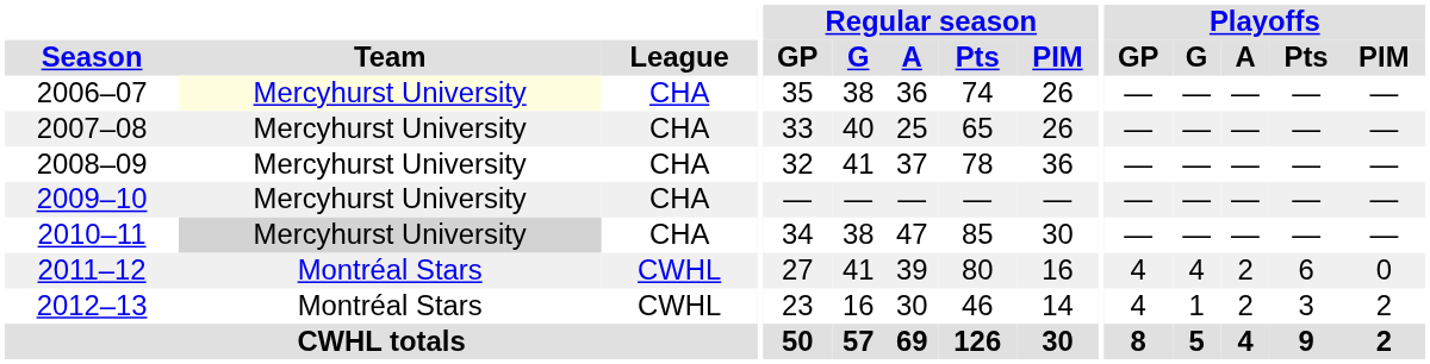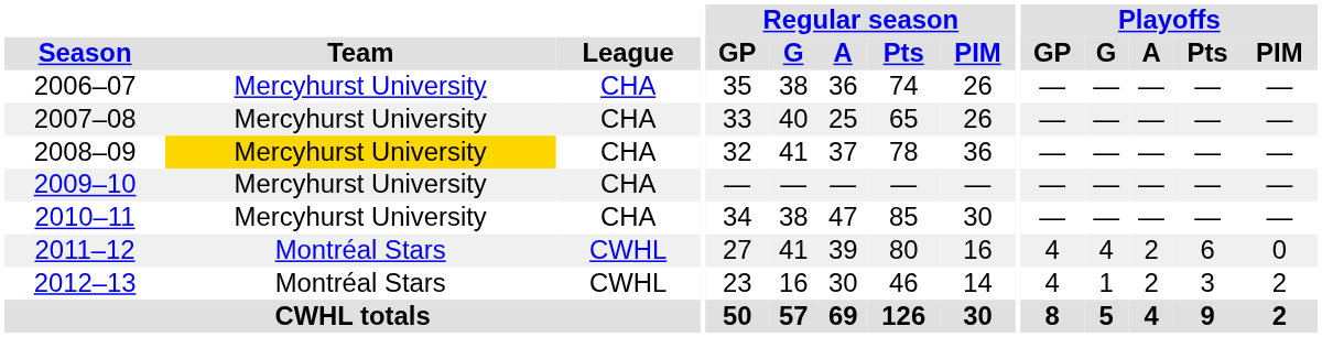 <table border="0" cellpadding="1" cellspacing="0" style="text-align:center; width:50em">
 <tr bgcolor="#e0e0e0">
 <th colspan="3" bgcolor="#ffffff"></th>
 <th rowspan="100" bgcolor="#ffffff"></th>
 <th colspan="5"><a href='#'>Regular season</a></th>
 <th rowspan="100" bgcolor="#ffffff"></th>
 <th colspan="5"><a href='#'>Playoffs</a></th>
 </tr>
 <tr bgcolor="#e0e0e0">
 <th><a href='#'>Season</a></th>
 <th>Team</th>
 <th>League</th>
 <th>GP</th>
 <th><a href='#'>G</a></th>
 <th><a href='#'>A</a></th>
 <th><a href='#'>Pts</a></th>
 <th><a href='#'>PIM</a></th>
 <th>GP</th>
 <th>G</th>
 <th>A</th>
 <th>Pts</th>
 <th>PIM</th>
 </tr>
 <tr>
 <td>2006–07</td>
-<td style="background: lightyellow;"><a href='#'>Mercyhurst University</a></td>
+<td><a href='#'>Mercyhurst University</a></td>
 <td><a href='#'>CHA</a></td>
 <td>35</td>
 <td>38</td>
 <td>36</td>
 <td>74</td>
 <td>26</td>
 <td>—</td>
 <td>—</td>
 <td>—</td>
 <td>—</td>
 <td>—</td>
 </tr>
 <tr style="background:#f0f0f0;">
 <td>2007–08</td>
 <td>Mercyhurst University</td>
 <td>CHA</td>
 <td>33</td>
 <td>40</td>
 <td>25</td>
 <td>65</td>
 <td>26</td>
 <td>—</td>
 <td>—</td>
 <td>—</td>
 <td>—</td>
 <td>—</td>
 </tr>
 <tr>
 <td>2008–09</td>
-<td>Mercyhurst University</td>
+<td style="background: gold;">Mercyhurst University</td>
 <td>CHA</td>
 <td>32</td>
 <td>41</td>
 <td>37</td>
 <td>78</td>
 <td>36</td>
 <td>—</td>
 <td>—</td>
 <td>—</td>
 <td>—</td>
 <td>—</td>
 </tr>
 <tr style="background:#f0f0f0;">
 <td><a href='#'>2009–10</a></td>
 <td>Mercyhurst University</td>
 <td>CHA</td>
 <td>—</td>
 <td>—</td>
 <td>—</td>
 <td>—</td>
 <td>—</td>
 <td>—</td>
 <td>—</td>
 <td>—</td>
 <td>—</td>
 <td>—</td>
 </tr>
 <tr>
 <td><a href='#'>2010–11</a></td>
-<td style="background: lightgrey;">Mercyhurst University</td>
+<td>Mercyhurst University</td>
 <td>CHA</td>
 <td>34</td>
 <td>38</td>
 <td>47</td>
 <td>85</td>
 <td>30</td>
 <td>—</td>
 <td>—</td>
 <td>—</td>
 <td>—</td>
 <td>—</td>
 </tr>
 <tr style="background:#f0f0f0;">
 <td><a href='#'>2011–12</a></td>
 <td><a href='#'>Montréal Stars</a></td>
 <td><a href='#'>CWHL</a></td>
 <td>27</td>
 <td>41</td>
 <td>39</td>
 <td>80</td>
 <td>16</td>
 <td>4</td>
 <td>4</td>
 <td>2</td>
 <td>6</td>
 <td>0</td>
 </tr>
 <tr>
 <td><a href='#'>2012–13</a></td>
 <td>Montréal Stars</td>
 <td>CWHL</td>
 <td>23</td>
 <td>16</td>
 <td>30</td>
 <td>46</td>
 <td>14</td>
 <td>4</td>
 <td>1</td>
 <td>2</td>
 <td>3</td>
 <td>2</td>
 </tr>
 <tr style="text-align:center; background:#e0e0e0;">
 <th colspan="3">CWHL totals</th>
 <th>50</th>
 <th>57</th>
 <th>69</th>
 <th>126</th>
 <th>30</th>
 <th>8</th>
 <th>5</th>
 <th>4</th>
 <th>9</th>
 <th>2</th>
 </tr>
 </table>
